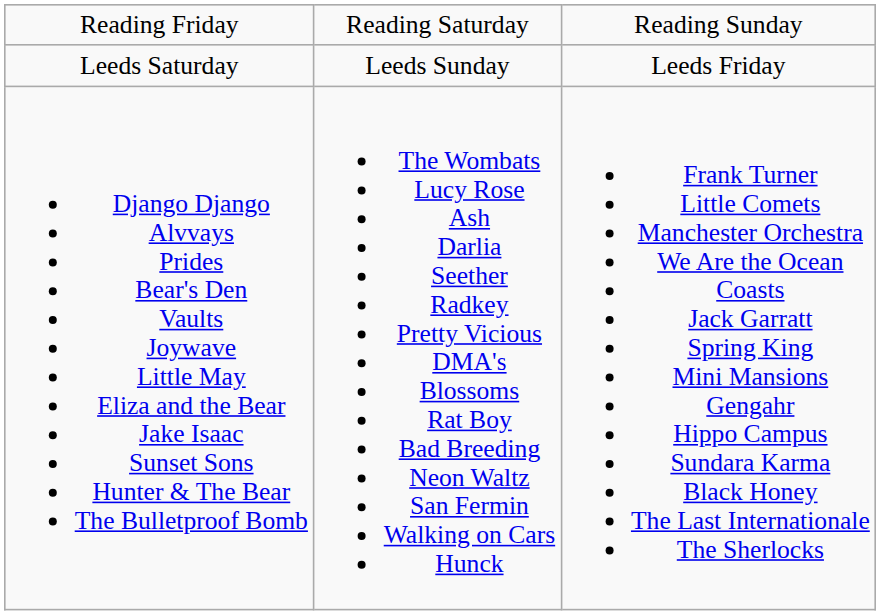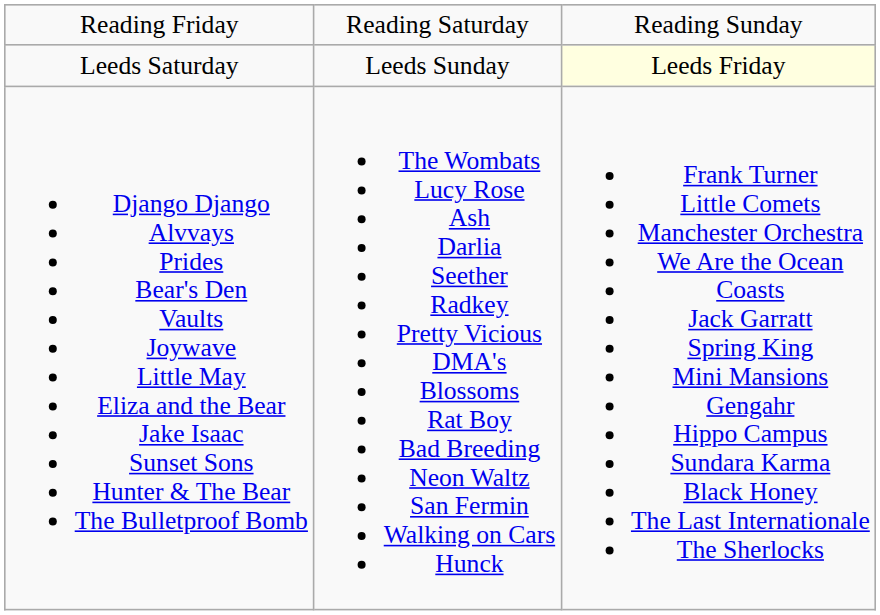 <table class="wikitable" style="text-align:center;">
 <tr>
 <td>Reading Friday</td>
 <td>Reading Saturday</td>
 <td>Reading Sunday</td>
 </tr>
 <tr>
 <td>Leeds Saturday</td>
 <td>Leeds Sunday</td>
-<td>Leeds Friday</td>
+<td style="background: lightyellow;">Leeds Friday</td>
 </tr>
 <tr>
 <td><br><ul><li><a href='#'>Django Django</a></li><li><a href='#'>Alvvays</a></li><li><a href='#'>Prides</a></li><li><a href='#'>Bear's Den</a></li><li><a href='#'>Vaults</a></li><li><a href='#'>Joywave</a></li><li><a href='#'>Little May</a></li><li><a href='#'>Eliza and the Bear</a></li><li><a href='#'>Jake Isaac</a></li><li><a href='#'>Sunset Sons</a></li><li><a href='#'>Hunter & The Bear</a></li><li><a href='#'>The Bulletproof Bomb</a></li></ul></td>
 <td><br><ul><li><a href='#'>The Wombats</a></li><li><a href='#'>Lucy Rose</a></li><li><a href='#'>Ash</a></li><li><a href='#'>Darlia</a></li><li><a href='#'>Seether</a></li><li><a href='#'>Radkey</a></li><li><a href='#'>Pretty Vicious</a></li><li><a href='#'>DMA's</a></li><li><a href='#'>Blossoms</a></li><li><a href='#'>Rat Boy</a></li><li><a href='#'>Bad Breeding</a></li><li><a href='#'>Neon Waltz</a></li><li><a href='#'>San Fermin</a></li><li><a href='#'>Walking on Cars</a></li><li><a href='#'>Hunck</a></li></ul></td>
 <td><br><ul><li><a href='#'>Frank Turner</a></li><li><a href='#'>Little Comets</a></li><li><a href='#'>Manchester Orchestra</a></li><li><a href='#'>We Are the Ocean</a></li><li><a href='#'>Coasts</a></li><li><a href='#'>Jack Garratt</a></li><li><a href='#'>Spring King</a></li><li><a href='#'>Mini Mansions</a></li><li><a href='#'>Gengahr</a></li><li><a href='#'>Hippo Campus</a></li><li><a href='#'>Sundara Karma</a></li><li><a href='#'>Black Honey</a></li><li><a href='#'>The Last Internationale</a></li><li><a href='#'>The Sherlocks</a></li></ul></td>
 </tr>
 </table>
